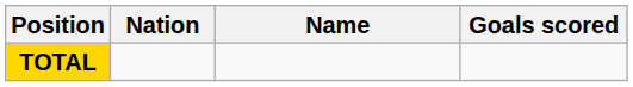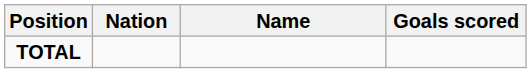 <table class="wikitable" style="font-size: 95%; text-align: center;">
 <tr>
 <th width=60>Position</th>
 <th width=60>Nation</th>
 <th width=150>Name</th>
 <th width=100>Goals scored</th>
 </tr>
 <tr>
-<td style="background: gold;"><strong>TOTAL</strong></td>
+<td><strong>TOTAL</strong></td>
 <td></td>
 <td></td>
 <td></td>
 </tr>
 </table>
